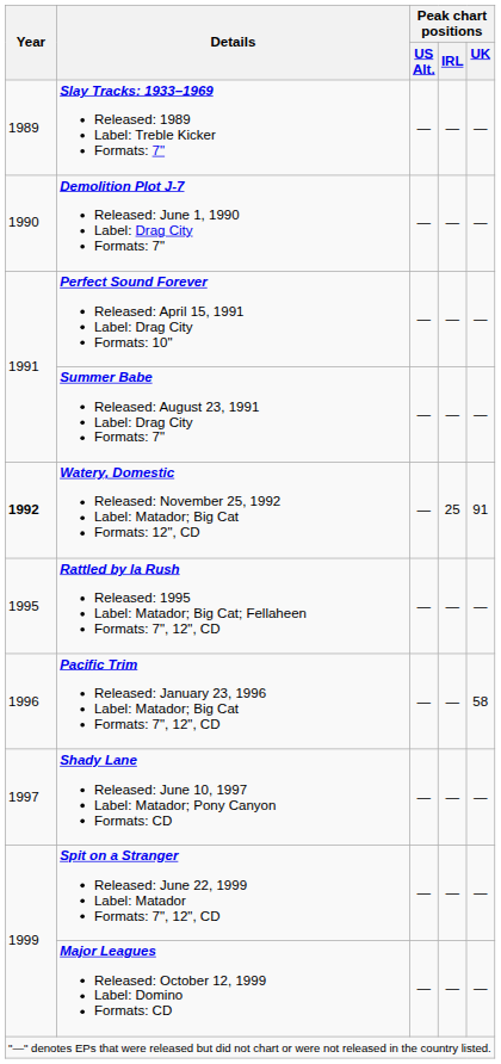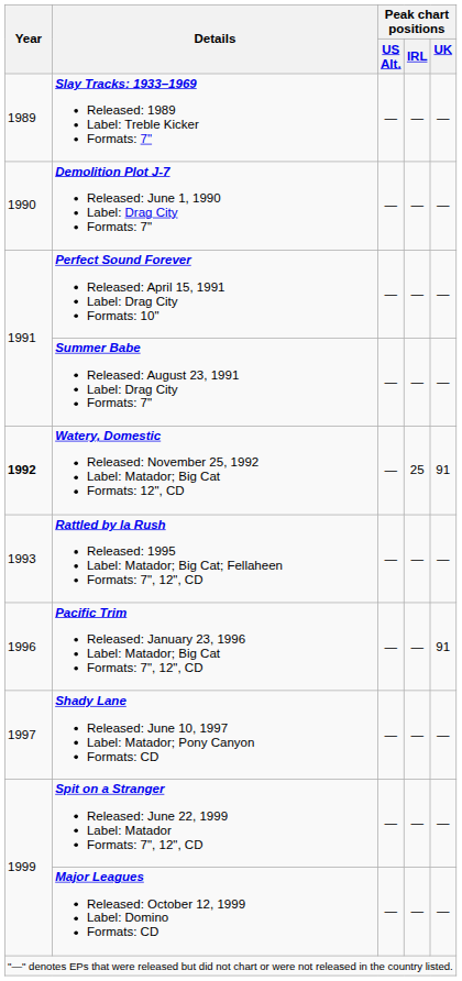 <table class="wikitable">
 <tr>
 <th scope="col" rowspan="2">Year</th>
 <th scope="col" rowspan="2">Details</th>
 <th scope="col" colspan="3">Peak chart positions</th>
 </tr>
 <tr>
 <th width="25"><a href='#'>US<br>Alt.</a><br></th>
 <th width="25"><a href='#'>IRL</a><br></th>
 <th width="25"><a href='#'>UK</a><br><br></th>
 </tr>
 <tr>
 <td>1989</td>
 <td><strong><em><a href='#'>Slay Tracks: 1933–1969</a></em></strong><br><ul><li>Released: 1989</li><li>Label: Treble Kicker</li><li>Formats: <a href='#'>7"</a></li></ul></td>
 <td align="center">—</td>
 <td align="center">—</td>
 <td align="center">—</td>
 </tr>
 <tr>
 <td>1990</td>
 <td><strong><em><a href='#'>Demolition Plot J-7</a></em></strong><br><ul><li>Released: June 1, 1990</li><li>Label: <a href='#'>Drag City</a></li><li>Formats: 7"</li></ul></td>
 <td align="center">—</td>
 <td align="center">—</td>
 <td align="center">—</td>
 </tr>
 <tr>
 <td rowspan="2">1991</td>
 <td><strong><em><a href='#'>Perfect Sound Forever</a></em></strong><br><ul><li>Released: April 15, 1991</li><li>Label: Drag City</li><li>Formats: 10"</li></ul></td>
 <td align="center">—</td>
 <td align="center">—</td>
 <td align="center">—</td>
 </tr>
 <tr>
 <td><strong><em><a href='#'>Summer Babe</a></em></strong><br><ul><li>Released: August 23, 1991</li><li>Label: Drag City</li><li>Formats: 7"</li></ul></td>
 <td align="center">—</td>
 <td align="center">—</td>
 <td align="center">—</td>
 </tr>
 <tr>
 <td><strong>1992</strong></td>
 <td><strong><em><a href='#'>Watery, Domestic</a></em></strong><br><ul><li>Released: November 25, 1992</li><li>Label: Matador; Big Cat</li><li>Formats: 12", CD</li></ul></td>
 <td align="center">—</td>
 <td align="center">25</td>
 <td align="center">91</td>
 </tr>
 <tr>
-<td>1995</td>
+<td>1993</td>
 <td><strong><em><a href='#'>Rattled by la Rush</a></em></strong><br><ul><li>Released: 1995</li><li>Label: Matador; Big Cat; Fellaheen</li><li>Formats: 7", 12", CD</li></ul></td>
 <td align="center">—</td>
 <td align="center">—</td>
 <td align="center">—</td>
 </tr>
 <tr>
 <td>1996</td>
 <td><strong><em><a href='#'>Pacific Trim</a></em></strong><br><ul><li>Released: January 23, 1996</li><li>Label: Matador; Big Cat</li><li>Formats: 7", 12", CD</li></ul></td>
 <td align="center">—</td>
 <td align="center">—</td>
-<td align="center">58</td>
+<td align="center">91</td>
 </tr>
 <tr>
 <td>1997</td>
 <td><strong><em><a href='#'>Shady Lane</a></em></strong><br><ul><li>Released: June 10, 1997</li><li>Label: Matador; Pony Canyon</li><li>Formats: CD</li></ul></td>
 <td align="center">—</td>
 <td align="center">—</td>
 <td align="center">—</td>
 </tr>
 <tr>
 <td rowspan="2">1999</td>
 <td><strong><em><a href='#'>Spit on a Stranger</a></em></strong><br><ul><li>Released: June 22, 1999</li><li>Label: Matador</li><li>Formats: 7", 12", CD</li></ul></td>
 <td align="center">—</td>
 <td align="center">—</td>
 <td align="center">—</td>
 </tr>
 <tr>
 <td><strong><em><a href='#'>Major Leagues</a></em></strong><br><ul><li>Released: October 12, 1999</li><li>Label: Domino</li><li>Formats: CD</li></ul></td>
 <td align="center">—</td>
 <td align="center">—</td>
 <td align="center">—</td>
 </tr>
 <tr>
 <td colspan="5" align="center"><small>"—" denotes EPs that were released but did not chart or were not released in the country listed.</small></td>
 </tr>
 </table>
